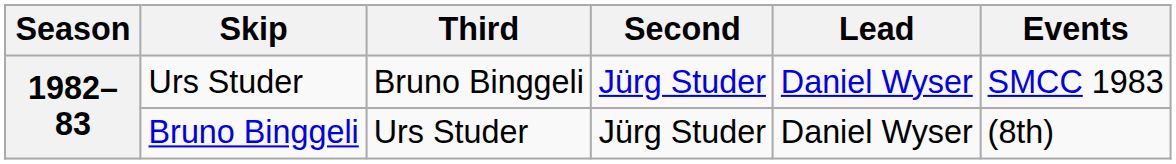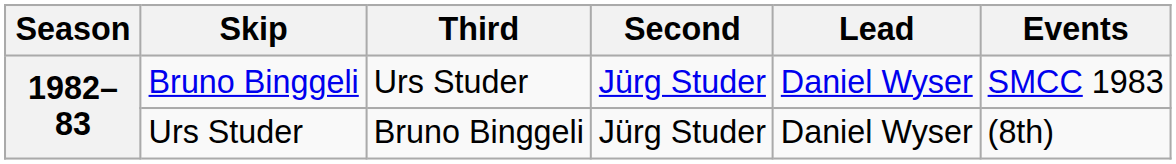 <table class="wikitable">
 <tr>
 <th scope="col" width=60>Season</th>
 <th scope="col">Skip</th>
 <th scope="col">Third</th>
 <th scope="col">Second</th>
 <th scope="col">Lead</th>
 <th scope="col">Events</th>
 </tr>
 <tr>
 <th scope="row" rowspan="2">1982–83</th>
+<td><a href='#'>Bruno Binggeli</a></td>
 <td>Urs Studer</td>
-<td>Bruno Binggeli</td>
 <td><a href='#'>Jürg Studer</a></td>
 <td><a href='#'>Daniel Wyser</a></td>
 <td><a href='#'>SMCC</a> 1983 </td>
 </tr>
 <tr>
-<td><a href='#'>Bruno Binggeli</a></td>
 <td>Urs Studer</td>
+<td>Bruno Binggeli</td>
 <td>Jürg Studer</td>
 <td>Daniel Wyser</td>
 <td> (8th)</td>
 </tr>
 </table>
